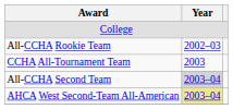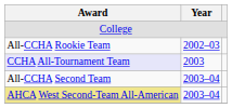 <table class="wikitable">
 <tr>
 <th>Award</th>
 <th>Year</th>
 <th></th>
 </tr>
 <tr ALIGN="center" bgcolor="#e0e0e0">
 <td colspan="3"><a href='#'>College</a></td>
 </tr>
 <tr>
 <td>All-<a href='#'>CCHA</a> <a href='#'>Rookie Team</a></td>
 <td><a href='#'>2002–03</a></td>
 <td></td>
 </tr>
 <tr>
-<td><a href='#'>CCHA</a> <a href='#'>All-Tournament Team</a></td>
+<td style="background: lavender;"><a href='#'>CCHA</a> <a href='#'>All-Tournament Team</a></td>
 <td><a href='#'>2003</a></td>
 <td></td>
 </tr>
 <tr>
 <td>All-<a href='#'>CCHA</a> <a href='#'>Second Team</a></td>
-<td style="background: lightgrey;"><a href='#'>2003–04</a></td>
+<td><a href='#'>2003–04</a></td>
 <td></td>
 </tr>
 <tr>
-<td><a href='#'>AHCA</a> <a href='#'>West Second-Team All-American</a></td>
-<td style="background: khaki;"><a href='#'>2003–04</a></td>
+<td style="background: khaki;"><a href='#'>AHCA</a> <a href='#'>West Second-Team All-American</a></td>
+<td><a href='#'>2003–04</a></td>
 <td></td>
 </tr>
 <tr>
 </tr>
 </table>
